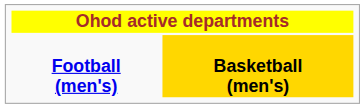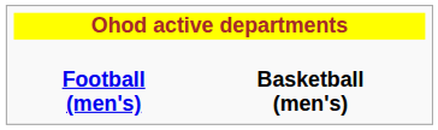 <table class="infobox" style="width: 20em; font-size: 95%em;">
 <tr style="color:brown; background:yellow; text-align:center;">
 <th colspan="2" style="text-align: center">Ohod active departments</th>
 </tr>
 <tr style="text-align: center">
 <td><br><strong><a href='#'>Football<br>(men's)</a></strong></td>
-<td style="background: gold;"><br><strong>Basketball<br>(men's)</strong></td>
+<td><br><strong>Basketball<br>(men's)</strong></td>
 </tr>
 </table>
